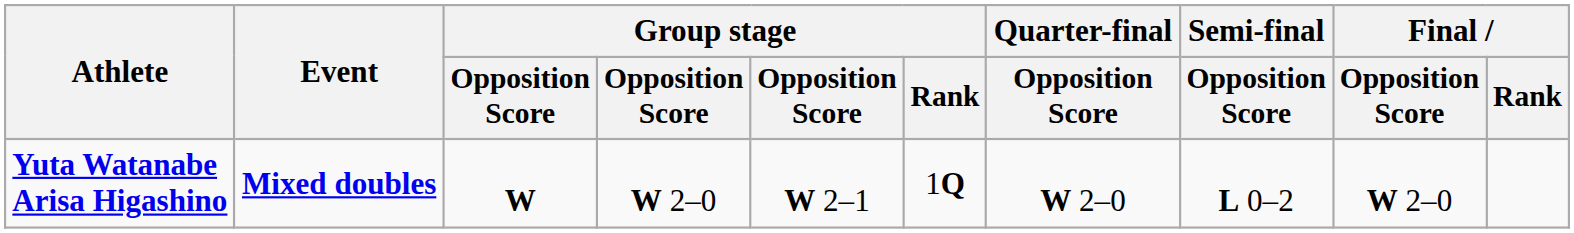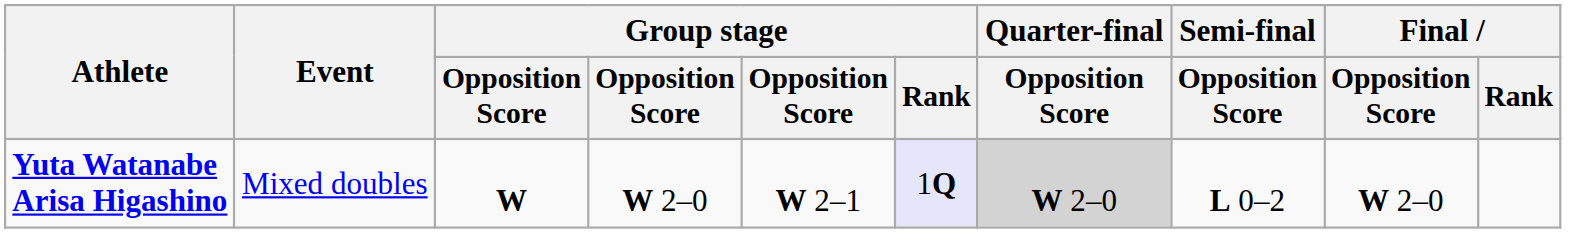 <table class="wikitable" style="font-size:90%">
 <tr>
 <th rowspan="2">Athlete</th>
 <th rowspan="2">Event</th>
 <th colspan="4">Group stage</th>
 <th>Quarter-final</th>
 <th>Semi-final</th>
 <th colspan="2">Final / </th>
 </tr>
 <tr style="font-size:95%">
 <th>Opposition<br>Score</th>
 <th>Opposition<br>Score</th>
 <th>Opposition<br>Score</th>
 <th>Rank</th>
 <th>Opposition<br>Score</th>
 <th>Opposition<br>Score</th>
 <th>Opposition<br>Score</th>
 <th>Rank</th>
 </tr>
 <tr align="center">
 <td align="left"><strong><a href='#'>Yuta Watanabe</a><br><a href='#'>Arisa Higashino</a></strong></td>
-<td align="left"><strong><a href='#'>Mixed doubles</a></strong></td>
+<td align="left"><a href='#'>Mixed doubles</a></td>
 <td><br><strong>W</strong> </td>
 <td><br><strong>W</strong> 2–0</td>
 <td><br><strong>W</strong> 2–1</td>
-<td>1<strong>Q</strong></td>
-<td><br><strong>W</strong> 2–0</td>
+<td style="background: lavender;">1<strong>Q</strong></td>
+<td style="background: lightgrey;"><br><strong>W</strong> 2–0</td>
 <td><br><strong>L</strong> 0–2</td>
 <td><br><strong>W</strong> 2–0</td>
 <td></td>
 </tr>
 </table>
